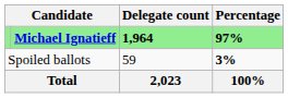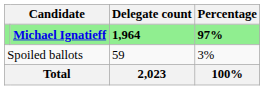 <table class="wikitable">
 <tr>
 <th colspan="2">Candidate</th>
 <th>Delegate count</th>
 <th>Percentage</th>
 </tr>
 <tr style="background:lightgreen;">
 <td></td>
 <td><strong><a href='#'>Michael Ignatieff</a></strong></td>
 <td><strong>1,964</strong></td>
 <td><strong>97%</strong></td>
 </tr>
 <tr>
 <td colspan="2">Spoiled ballots</td>
 <td>59</td>
-<td><strong>3%</strong></td>
+<td>3%</td>
 </tr>
 <tr>
 <th colspan="2">Total</th>
 <th>2,023</th>
 <th>100%</th>
 </tr>
 </table>
